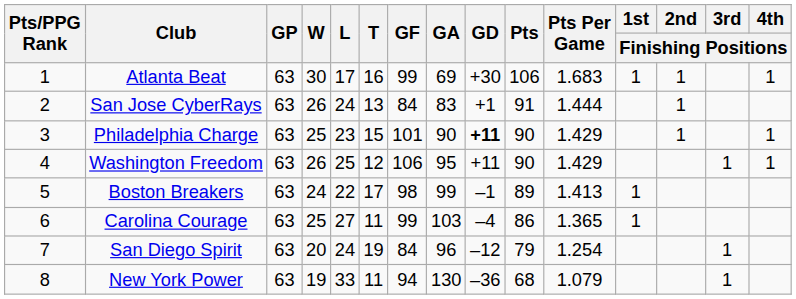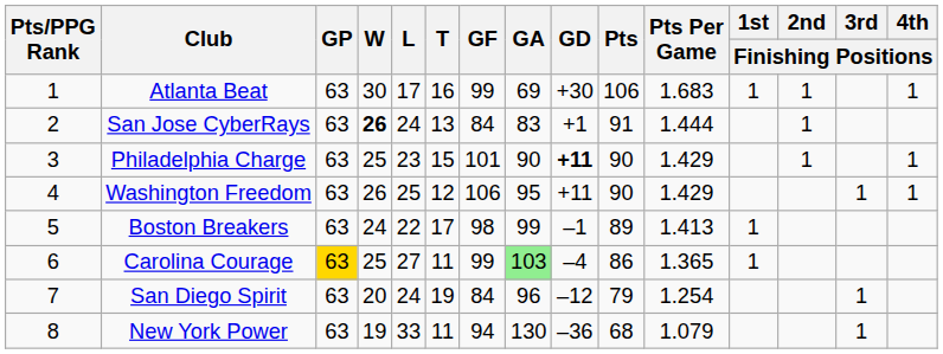 <table class="wikitable sortable" style="text-align:center">
 <tr>
 <th rowspan=2>Pts/PPG<br>Rank</th>
 <th rowspan=2>Club</th>
 <th rowspan=2>GP</th>
 <th rowspan=2>W</th>
 <th rowspan=2>L</th>
 <th rowspan=2>T</th>
 <th rowspan=2>GF</th>
 <th rowspan=2>GA</th>
 <th rowspan=2>GD</th>
 <th rowspan=2>Pts</th>
 <th rowspan=2>Pts Per <br> Game</th>
 <th>1st</th>
 <th>2nd</th>
 <th>3rd</th>
 <th>4th</th>
 </tr>
 <tr class=unsortable>
 <th colspan=4>Finishing Positions</th>
 </tr>
 <tr>
 <td>1</td>
 <td><a href='#'>Atlanta Beat</a></td>
 <td>63</td>
 <td>30</td>
 <td>17</td>
 <td>16</td>
 <td>99</td>
 <td>69</td>
 <td>+30</td>
 <td>106</td>
 <td>1.683</td>
 <td>1</td>
 <td>1</td>
 <td></td>
 <td>1</td>
 </tr>
 <tr>
 <td>2</td>
 <td><a href='#'>San Jose CyberRays</a></td>
 <td>63</td>
-<td>26</td>
+<td><strong>26</strong></td>
 <td>24</td>
 <td>13</td>
 <td>84</td>
 <td>83</td>
 <td>+1</td>
 <td>91</td>
 <td>1.444</td>
 <td></td>
 <td>1</td>
 <td></td>
 <td></td>
 </tr>
 <tr>
 <td>3</td>
 <td><a href='#'>Philadelphia Charge</a></td>
 <td>63</td>
 <td>25</td>
 <td>23</td>
 <td>15</td>
 <td>101</td>
 <td>90</td>
 <td><strong>+11</strong></td>
 <td>90</td>
 <td>1.429</td>
 <td></td>
 <td>1</td>
 <td></td>
 <td>1</td>
 </tr>
 <tr>
 <td>4</td>
 <td><a href='#'>Washington Freedom</a></td>
 <td>63</td>
 <td>26</td>
 <td>25</td>
 <td>12</td>
 <td>106</td>
 <td>95</td>
 <td>+11</td>
 <td>90</td>
 <td>1.429</td>
 <td></td>
 <td></td>
 <td>1</td>
 <td>1</td>
 </tr>
 <tr>
 <td>5</td>
 <td><a href='#'>Boston Breakers</a></td>
 <td>63</td>
 <td>24</td>
 <td>22</td>
 <td>17</td>
 <td>98</td>
 <td>99</td>
 <td>–1</td>
 <td>89</td>
 <td>1.413</td>
 <td>1</td>
 <td></td>
 <td></td>
 <td></td>
 </tr>
 <tr>
 <td>6</td>
 <td><a href='#'>Carolina Courage</a></td>
-<td>63</td>
+<td style="background: gold;">63</td>
 <td>25</td>
 <td>27</td>
 <td>11</td>
 <td>99</td>
-<td>103</td>
+<td style="background: lightgreen;">103</td>
 <td>–4</td>
 <td>86</td>
 <td>1.365</td>
 <td>1</td>
 <td></td>
 <td></td>
 <td></td>
 </tr>
 <tr>
 <td>7</td>
 <td><a href='#'>San Diego Spirit</a></td>
 <td>63</td>
 <td>20</td>
 <td>24</td>
 <td>19</td>
 <td>84</td>
 <td>96</td>
 <td>–12</td>
 <td>79</td>
 <td>1.254</td>
 <td></td>
 <td></td>
 <td>1</td>
 <td></td>
 </tr>
 <tr>
 <td>8</td>
 <td><a href='#'>New York Power</a></td>
 <td>63</td>
 <td>19</td>
 <td>33</td>
 <td>11</td>
 <td>94</td>
 <td>130</td>
 <td>–36</td>
 <td>68</td>
 <td>1.079</td>
 <td></td>
 <td></td>
 <td>1</td>
 <td></td>
 </tr>
 </table>
